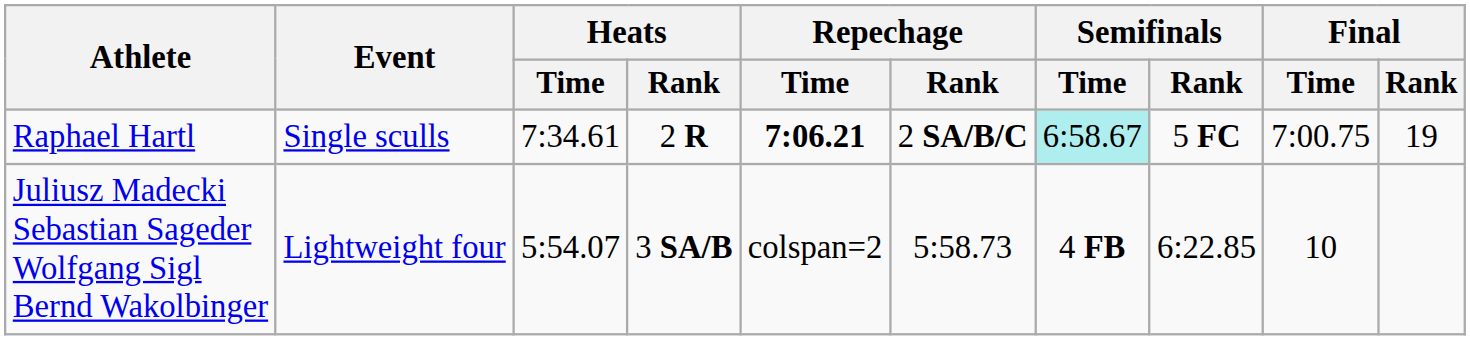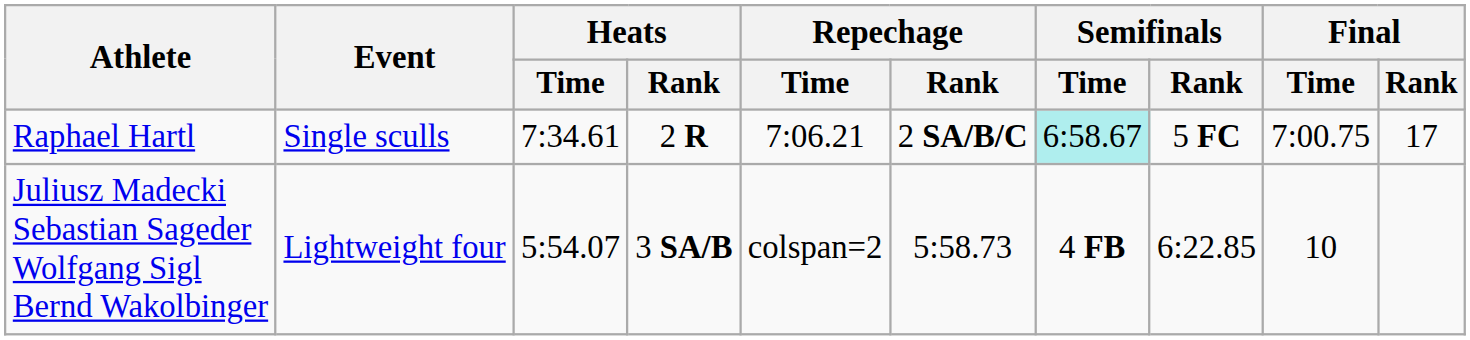 <table class="wikitable" style="font-size:90%;">
 <tr>
 <th rowspan="2">Athlete</th>
 <th rowspan="2">Event</th>
 <th colspan="2">Heats</th>
 <th colspan="2">Repechage</th>
 <th colspan="2">Semifinals</th>
 <th colspan="2">Final</th>
 </tr>
 <tr style="font-size:95%">
 <th>Time</th>
 <th>Rank</th>
 <th>Time</th>
 <th>Rank</th>
 <th>Time</th>
 <th>Rank</th>
 <th>Time</th>
 <th>Rank</th>
 </tr>
 <tr align=center>
 <td align=left><a href='#'>Raphael Hartl</a></td>
 <td align=left><a href='#'>Single sculls</a></td>
 <td>7:34.61</td>
 <td>2 <strong>R</strong></td>
-<td><strong>7:06.21</strong></td>
+<td>7:06.21</td>
 <td>2 <strong>SA/B/C</strong></td>
 <td style="background: paleturquoise;">6:58.67</td>
 <td>5 <strong>FC</strong></td>
 <td>7:00.75</td>
-<td>19</td>
+<td>17</td>
 </tr>
 <tr align=center>
 <td align=left><a href='#'>Juliusz Madecki</a><br><a href='#'>Sebastian Sageder</a><br><a href='#'>Wolfgang Sigl</a><br><a href='#'>Bernd Wakolbinger</a></td>
 <td align=left><a href='#'>Lightweight four</a></td>
 <td>5:54.07</td>
 <td>3 <strong>SA/B</strong></td>
 <td>colspan=2 </td>
 <td>5:58.73</td>
 <td>4 <strong>FB</strong></td>
 <td>6:22.85</td>
 <td>10</td>
 </tr>
 </table>
